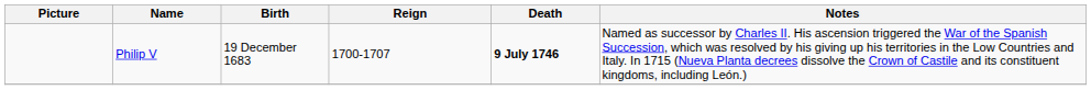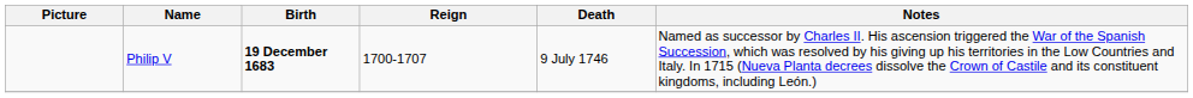 <table width=90% class="wikitable">
 <tr>
 <th style="width: 10%">Picture</th>
 <th style="width: 10%">Name</th>
 <th style="width: 10%">Birth</th>
 <th style="width: 15%">Reign</th>
 <th style="width: 10%">Death</th>
 <th style="width: 45%">Notes</th>
 </tr>
 <tr>
 <td></td>
 <td><a href='#'>Philip V</a></td>
-<td>19 December 1683</td>
+<td><strong>19 December 1683</strong></td>
 <td>1700-1707</td>
-<td><strong>9 July 1746</strong></td>
+<td>9 July 1746</td>
 <td>Named as successor by <a href='#'>Charles II</a>. His ascension triggered the <a href='#'>War of the Spanish Succession</a>, which was resolved by his giving up his territories in the Low Countries and Italy. In 1715 (<a href='#'>Nueva Planta decrees</a> dissolve the <a href='#'>Crown of Castile</a> and its constituent kingdoms, including León.)</td>
 </tr>
 <tr>
 </tr>
 </table>
